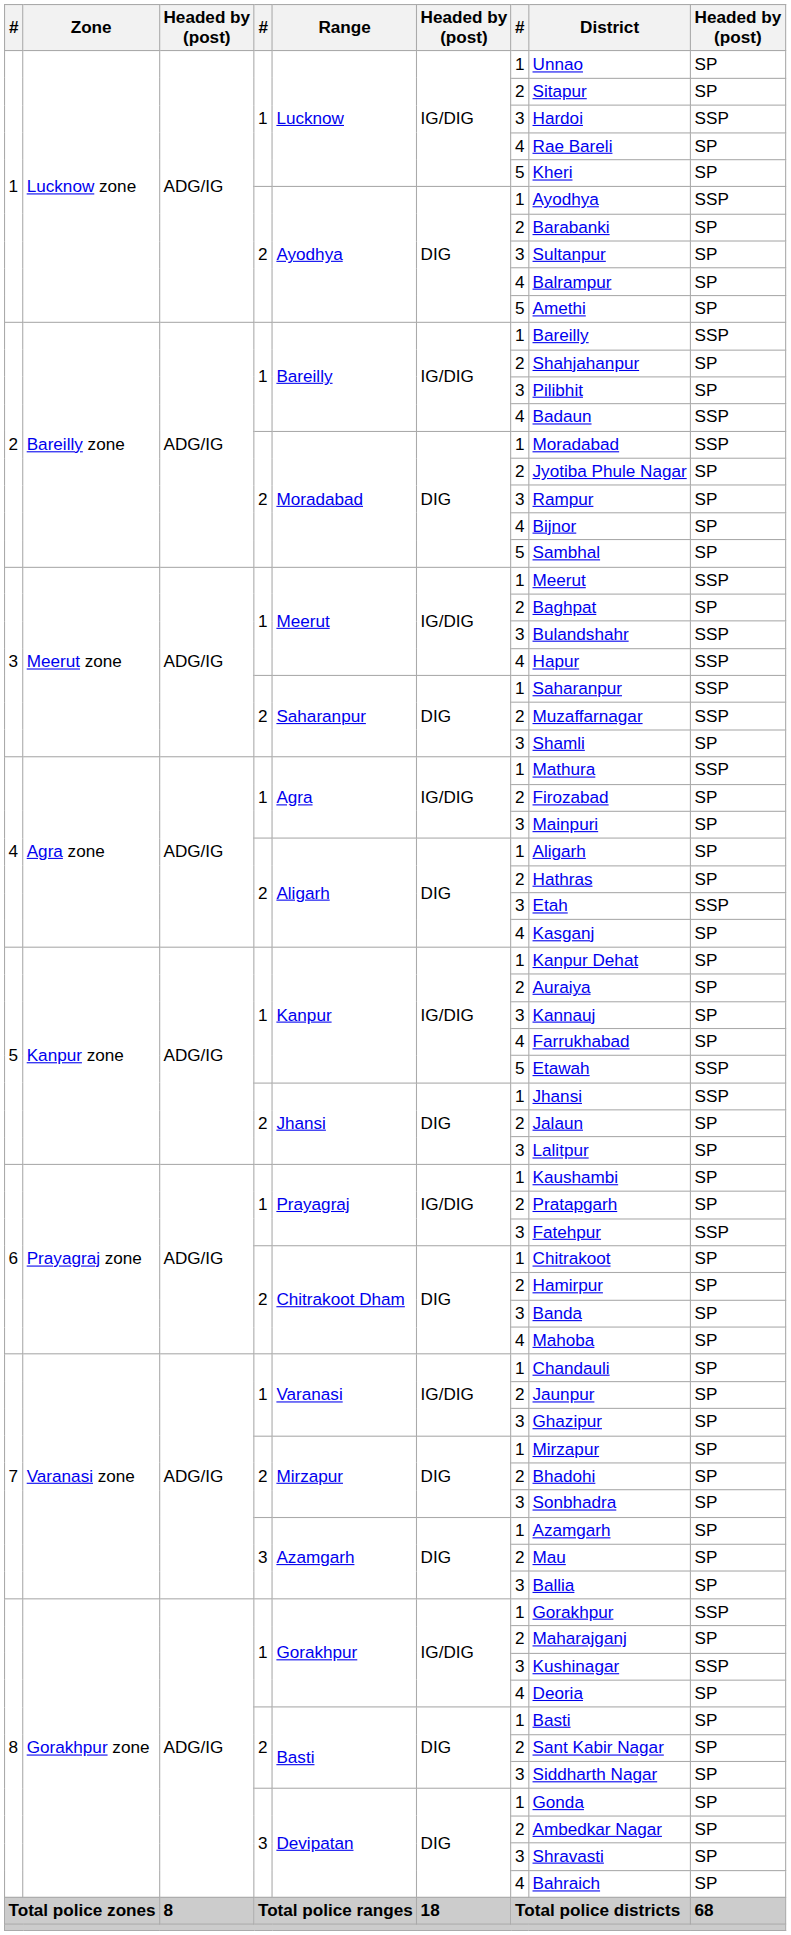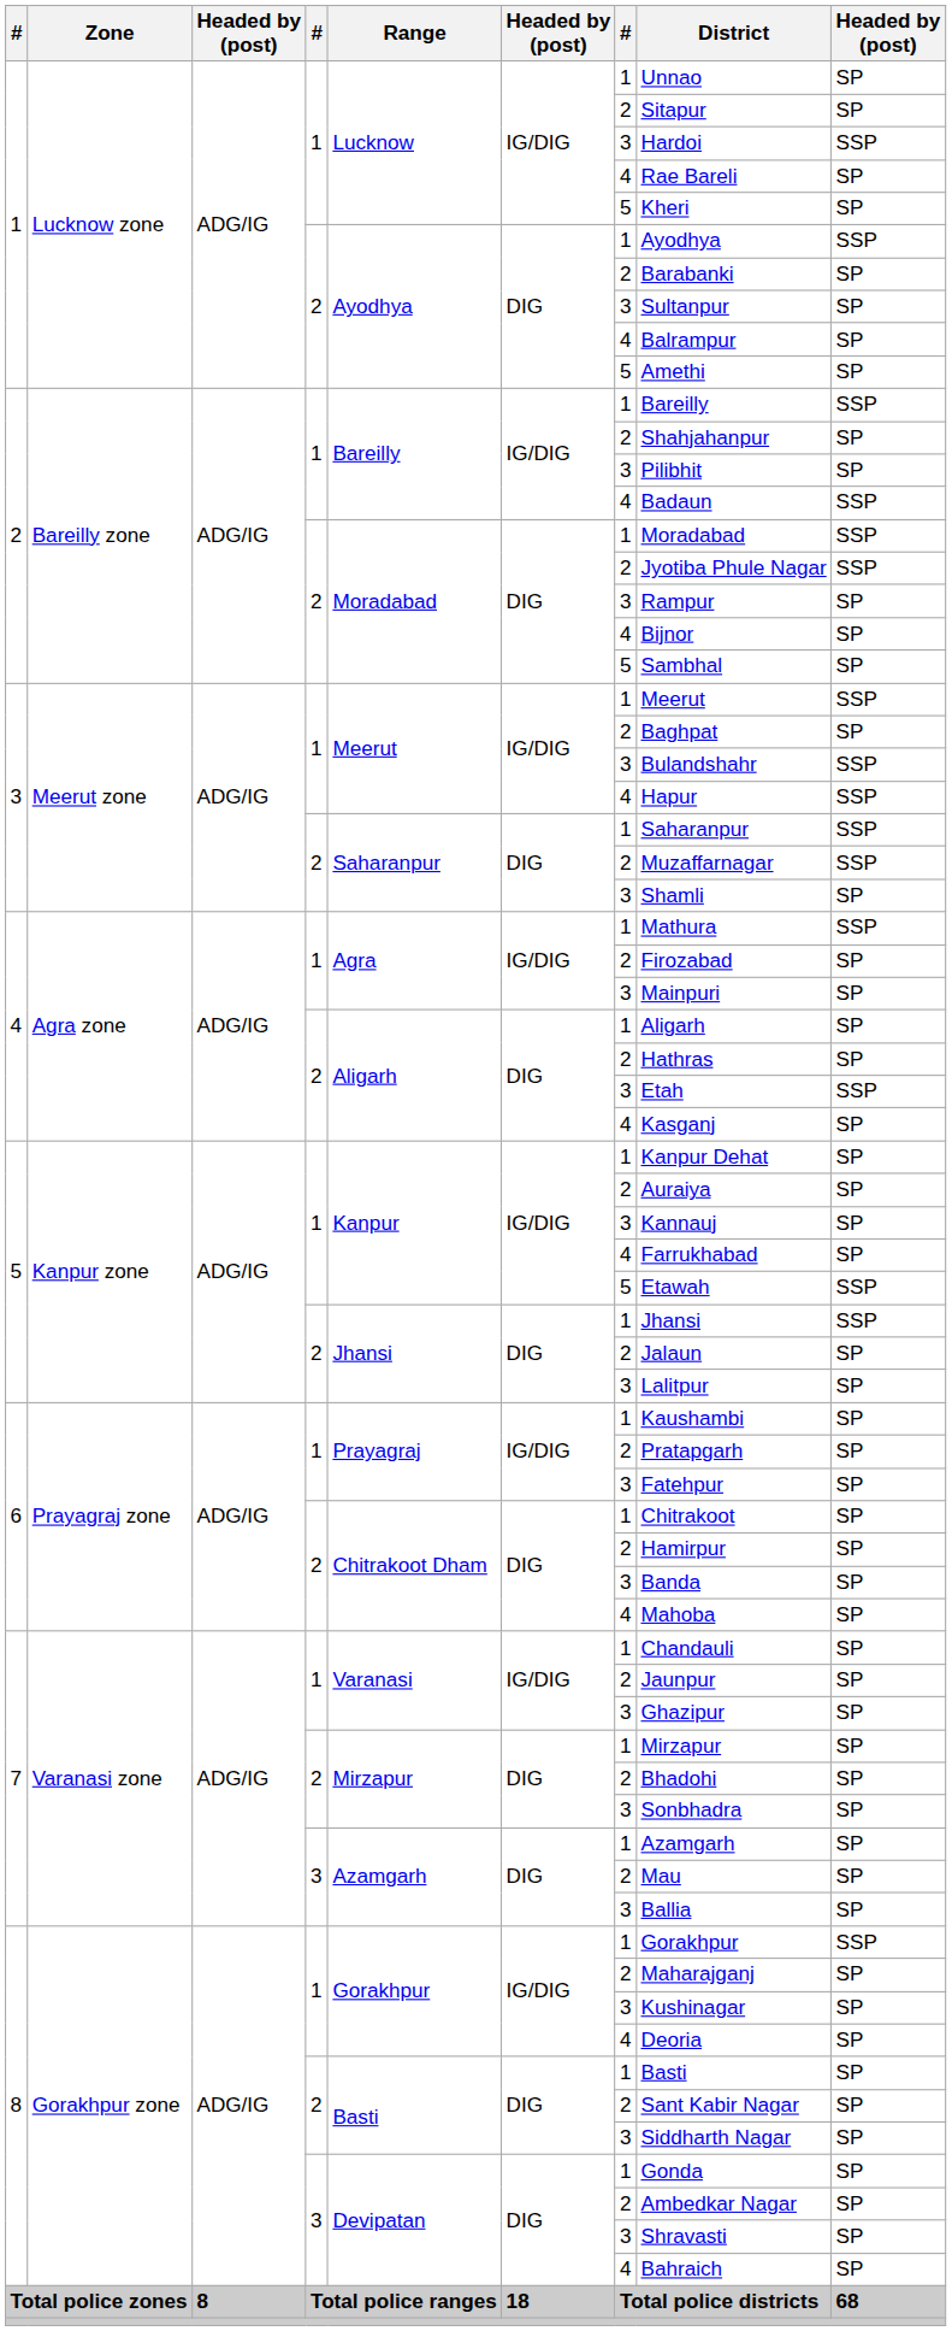 <table class="wikitable" align="center" style="clear:center">
 <tr>
 <th>#</th>
 <th>Zone</th>
 <th>Headed by<br>(post)</th>
 <th>#</th>
 <th>Range</th>
 <th>Headed by<br>(post)</th>
 <th>#</th>
 <th>District</th>
 <th>Headed by<br>(post)</th>
 </tr>
 <tr>
 <td rowspan="10" bgcolor="#ffffff">1</td>
 <td rowspan="10" bgcolor="#ffffff"><a href='#'>Lucknow</a> zone</td>
 <td rowspan="10" bgcolor="#ffffff">ADG/IG</td>
 <td rowspan="5" bgcolor="#ffffff">1</td>
 <td rowspan="5" bgcolor="#ffffff"><a href='#'>Lucknow</a></td>
 <td rowspan="5" bgcolor="#ffffff">IG/DIG</td>
 <td bgcolor="#ffffff">1</td>
 <td bgcolor="#ffffff"><a href='#'>Unnao</a></td>
 <td bgcolor="#ffffff">SP</td>
 </tr>
 <tr>
 <td bgcolor="#ffffff">2</td>
 <td bgcolor="#ffffff"><a href='#'>Sitapur</a></td>
 <td bgcolor="#ffffff">SP</td>
 </tr>
 <tr>
 <td bgcolor="#ffffff">3</td>
 <td bgcolor="#ffffff"><a href='#'>Hardoi</a></td>
 <td bgcolor="#ffffff">SSP</td>
 </tr>
 <tr>
 <td bgcolor="#ffffff">4</td>
 <td bgcolor="#ffffff"><a href='#'>Rae Bareli</a></td>
 <td bgcolor="#ffffff">SP</td>
 </tr>
 <tr>
 <td bgcolor="#ffffff">5</td>
 <td bgcolor="#ffffff"><a href='#'>Kheri</a></td>
 <td bgcolor="#ffffff">SP</td>
 </tr>
 <tr>
 <td rowspan="5" bgcolor="#ffffff">2</td>
 <td rowspan="5" bgcolor="#ffffff"><a href='#'>Ayodhya</a></td>
 <td rowspan="5" bgcolor="#ffffff">DIG</td>
 <td bgcolor="#ffffff">1</td>
 <td bgcolor="#ffffff"><a href='#'>Ayodhya</a></td>
 <td bgcolor="#ffffff">SSP</td>
 </tr>
 <tr>
 <td bgcolor="#ffffff">2</td>
 <td bgcolor="#ffffff"><a href='#'>Barabanki</a></td>
 <td bgcolor="#ffffff">SP</td>
 </tr>
 <tr>
 <td bgcolor="#ffffff">3</td>
 <td bgcolor="#ffffff"><a href='#'>Sultanpur</a></td>
 <td bgcolor="#ffffff">SP</td>
 </tr>
 <tr>
 <td bgcolor="#ffffff">4</td>
 <td bgcolor="#ffffff"><a href='#'>Balrampur</a></td>
 <td bgcolor="#ffffff">SP</td>
 </tr>
 <tr>
 <td bgcolor="#ffffff">5</td>
 <td bgcolor="#ffffff"><a href='#'>Amethi</a></td>
 <td bgcolor="#ffffff">SP</td>
 </tr>
 <tr>
 <td rowspan="9" bgcolor="#ffffff">2</td>
 <td rowspan="9" bgcolor="#ffffff"><a href='#'>Bareilly</a> zone</td>
 <td rowspan="9" bgcolor="#ffffff">ADG/IG</td>
 <td rowspan="4" bgcolor="#ffffff">1</td>
 <td rowspan="4" bgcolor="#ffffff"><a href='#'>Bareilly</a></td>
 <td rowspan="4" bgcolor="#ffffff">IG/DIG</td>
 <td bgcolor="#ffffff">1</td>
 <td bgcolor="#ffffff"><a href='#'>Bareilly</a></td>
 <td bgcolor="#ffffff">SSP</td>
 </tr>
 <tr>
 <td bgcolor="#ffffff">2</td>
 <td bgcolor="#ffffff"><a href='#'>Shahjahanpur</a></td>
 <td bgcolor="#ffffff">SP</td>
 </tr>
 <tr>
 <td bgcolor="#ffffff">3</td>
 <td bgcolor="#ffffff"><a href='#'>Pilibhit</a></td>
 <td bgcolor="#ffffff">SP</td>
 </tr>
 <tr>
 <td bgcolor="#ffffff">4</td>
 <td bgcolor="#ffffff"><a href='#'>Badaun</a></td>
 <td bgcolor="#ffffff">SSP</td>
 </tr>
 <tr>
 <td rowspan="5" bgcolor="#ffffff">2</td>
 <td rowspan="5" bgcolor="#ffffff"><a href='#'>Moradabad</a></td>
 <td rowspan="5" bgcolor="#ffffff">DIG</td>
 <td bgcolor="#ffffff">1</td>
 <td bgcolor="#ffffff"><a href='#'>Moradabad</a></td>
 <td bgcolor="#ffffff">SSP</td>
 </tr>
 <tr>
 <td bgcolor="#ffffff">2</td>
 <td bgcolor="#ffffff"><a href='#'>Jyotiba Phule Nagar</a></td>
-<td bgcolor="#ffffff">SP</td>
+<td bgcolor="#ffffff">SSP</td>
 </tr>
 <tr>
 <td bgcolor="#ffffff">3</td>
 <td bgcolor="#ffffff"><a href='#'>Rampur</a></td>
 <td bgcolor="#ffffff">SP</td>
 </tr>
 <tr>
 <td bgcolor="#ffffff">4</td>
 <td bgcolor="#ffffff"><a href='#'>Bijnor</a></td>
 <td bgcolor="#ffffff">SP</td>
 </tr>
 <tr>
 <td bgcolor="#ffffff">5</td>
 <td bgcolor="#ffffff"><a href='#'>Sambhal</a></td>
 <td bgcolor="#ffffff">SP</td>
 </tr>
 <tr>
 <td rowspan="7" bgcolor="#ffffff">3</td>
 <td rowspan="7" bgcolor="#ffffff"><a href='#'>Meerut</a> zone</td>
 <td rowspan="7" bgcolor="#ffffff">ADG/IG</td>
 <td rowspan="4" bgcolor="#ffffff">1</td>
 <td rowspan="4" bgcolor="#ffffff"><a href='#'>Meerut</a></td>
 <td rowspan="4" bgcolor="#ffffff">IG/DIG</td>
 <td bgcolor="#ffffff">1</td>
 <td bgcolor="#ffffff"><a href='#'>Meerut</a></td>
 <td bgcolor="#ffffff">SSP</td>
 </tr>
 <tr>
 <td bgcolor="#ffffff">2</td>
 <td bgcolor="#ffffff"><a href='#'>Baghpat</a></td>
 <td bgcolor="#ffffff">SP</td>
 </tr>
 <tr>
 <td bgcolor="#ffffff">3</td>
 <td bgcolor="#ffffff"><a href='#'>Bulandshahr</a></td>
 <td bgcolor="#ffffff">SSP</td>
 </tr>
 <tr>
 <td bgcolor="#ffffff">4</td>
 <td bgcolor="#ffffff"><a href='#'>Hapur</a></td>
 <td bgcolor="#ffffff">SSP</td>
 </tr>
 <tr>
 <td rowspan="3" bgcolor="#ffffff">2</td>
 <td rowspan="3" bgcolor="#ffffff"><a href='#'>Saharanpur</a></td>
 <td rowspan="3" bgcolor="#ffffff">DIG</td>
 <td bgcolor="#ffffff">1</td>
 <td bgcolor="#ffffff"><a href='#'>Saharanpur</a></td>
 <td bgcolor="#ffffff">SSP</td>
 </tr>
 <tr>
 <td bgcolor="#ffffff">2</td>
 <td bgcolor="#ffffff"><a href='#'>Muzaffarnagar</a></td>
 <td bgcolor="#ffffff">SSP</td>
 </tr>
 <tr>
 <td bgcolor="#ffffff">3</td>
 <td bgcolor="#ffffff"><a href='#'>Shamli</a></td>
 <td bgcolor="#ffffff">SP</td>
 </tr>
 <tr>
 <td rowspan="7" bgcolor="#ffffff">4</td>
 <td rowspan="7" bgcolor="#ffffff"><a href='#'>Agra</a> zone</td>
 <td rowspan="7" bgcolor="#ffffff">ADG/IG</td>
 <td rowspan="3" bgcolor="#ffffff">1</td>
 <td rowspan="3" bgcolor="#ffffff"><a href='#'>Agra</a></td>
 <td rowspan="3" bgcolor="#ffffff">IG/DIG</td>
 <td bgcolor="#ffffff">1</td>
 <td bgcolor="#ffffff"><a href='#'>Mathura</a></td>
 <td bgcolor="#ffffff">SSP</td>
 </tr>
 <tr>
 <td bgcolor="#ffffff">2</td>
 <td bgcolor="#ffffff"><a href='#'>Firozabad</a></td>
 <td bgcolor="#ffffff">SP</td>
 </tr>
 <tr>
 <td bgcolor="#ffffff">3</td>
 <td bgcolor="#ffffff"><a href='#'>Mainpuri</a></td>
 <td bgcolor="#ffffff">SP</td>
 </tr>
 <tr>
 <td rowspan="4" bgcolor="#ffffff">2</td>
 <td rowspan="4" bgcolor="#ffffff"><a href='#'>Aligarh</a></td>
 <td rowspan="4" bgcolor="#ffffff">DIG</td>
 <td bgcolor="#ffffff">1</td>
 <td bgcolor="#ffffff"><a href='#'>Aligarh</a></td>
 <td bgcolor="#ffffff">SP</td>
 </tr>
 <tr>
 <td bgcolor="#ffffff">2</td>
 <td bgcolor="#ffffff"><a href='#'>Hathras</a></td>
 <td bgcolor="#ffffff">SP</td>
 </tr>
 <tr>
 <td bgcolor="#ffffff">3</td>
 <td bgcolor="#ffffff"><a href='#'>Etah</a></td>
 <td bgcolor="#ffffff">SSP</td>
 </tr>
 <tr>
 <td bgcolor="#ffffff">4</td>
 <td bgcolor="#ffffff"><a href='#'>Kasganj</a></td>
 <td bgcolor="#ffffff">SP</td>
 </tr>
 <tr>
 <td rowspan="8" bgcolor="#ffffff">5</td>
 <td rowspan="8" bgcolor="#ffffff"><a href='#'>Kanpur</a> zone</td>
 <td rowspan="8" bgcolor="#ffffff">ADG/IG</td>
 <td rowspan="5" bgcolor="#ffffff">1</td>
 <td rowspan="5" bgcolor="#ffffff"><a href='#'>Kanpur</a></td>
 <td rowspan="5" bgcolor="#ffffff">IG/DIG</td>
 <td bgcolor="#ffffff">1</td>
 <td bgcolor="#ffffff"><a href='#'>Kanpur Dehat</a></td>
 <td bgcolor="#ffffff">SP</td>
 </tr>
 <tr>
 <td bgcolor="#ffffff">2</td>
 <td bgcolor="#ffffff"><a href='#'>Auraiya</a></td>
 <td bgcolor="#ffffff">SP</td>
 </tr>
 <tr>
 <td bgcolor="#ffffff">3</td>
 <td bgcolor="#ffffff"><a href='#'>Kannauj</a></td>
 <td bgcolor="#ffffff">SP</td>
 </tr>
 <tr>
 <td bgcolor="#ffffff">4</td>
 <td bgcolor="#ffffff"><a href='#'>Farrukhabad</a></td>
 <td bgcolor="#ffffff">SP</td>
 </tr>
 <tr>
 <td bgcolor="#ffffff">5</td>
 <td bgcolor="#ffffff"><a href='#'>Etawah</a></td>
 <td bgcolor="#ffffff">SSP</td>
 </tr>
 <tr>
 <td rowspan="3" bgcolor="#ffffff">2</td>
 <td rowspan="3" bgcolor="#ffffff"><a href='#'>Jhansi</a></td>
 <td rowspan="3" bgcolor="#ffffff">DIG</td>
 <td bgcolor="#ffffff">1</td>
 <td bgcolor="#ffffff"><a href='#'>Jhansi</a></td>
 <td bgcolor="#ffffff">SSP</td>
 </tr>
 <tr>
 <td bgcolor="#ffffff">2</td>
 <td bgcolor="#ffffff"><a href='#'>Jalaun</a></td>
 <td bgcolor="#ffffff">SP</td>
 </tr>
 <tr>
 <td bgcolor="#ffffff">3</td>
 <td bgcolor="#ffffff"><a href='#'>Lalitpur</a></td>
 <td bgcolor="#ffffff">SP</td>
 </tr>
 <tr>
 <td rowspan="7" bgcolor="#ffffff">6</td>
 <td rowspan="7" bgcolor="#ffffff"><a href='#'>Prayagraj</a> zone</td>
 <td rowspan="7" bgcolor="#ffffff">ADG/IG</td>
 <td rowspan="3" bgcolor="#ffffff">1</td>
 <td rowspan="3" bgcolor="#ffffff"><a href='#'>Prayagraj</a></td>
 <td rowspan="3" bgcolor="#ffffff">IG/DIG</td>
 <td bgcolor="#ffffff">1</td>
 <td bgcolor="#ffffff"><a href='#'>Kaushambi</a></td>
 <td bgcolor="#ffffff">SP</td>
 </tr>
 <tr>
 <td bgcolor="#ffffff">2</td>
 <td bgcolor="#ffffff"><a href='#'>Pratapgarh</a></td>
 <td bgcolor="#ffffff">SP</td>
 </tr>
 <tr>
 <td bgcolor="#ffffff">3</td>
 <td bgcolor="#ffffff"><a href='#'>Fatehpur</a></td>
-<td bgcolor="#ffffff">SSP</td>
+<td bgcolor="#ffffff">SP</td>
 </tr>
 <tr>
 <td rowspan="4" bgcolor="#ffffff">2</td>
 <td rowspan="4" bgcolor="#ffffff"><a href='#'>Chitrakoot Dham</a></td>
 <td rowspan="4" bgcolor="#ffffff">DIG</td>
 <td bgcolor="#ffffff">1</td>
 <td bgcolor="#ffffff"><a href='#'>Chitrakoot</a></td>
 <td bgcolor="#ffffff">SP</td>
 </tr>
 <tr>
 <td bgcolor="#ffffff">2</td>
 <td bgcolor="#ffffff"><a href='#'>Hamirpur</a></td>
 <td bgcolor="#ffffff">SP</td>
 </tr>
 <tr>
 <td bgcolor="#ffffff">3</td>
 <td bgcolor="#ffffff"><a href='#'>Banda</a></td>
 <td bgcolor="#ffffff">SP</td>
 </tr>
 <tr>
 <td bgcolor="#ffffff">4</td>
 <td bgcolor="#ffffff"><a href='#'>Mahoba</a></td>
 <td bgcolor="#ffffff">SP</td>
 </tr>
 <tr>
 <td rowspan="9" bgcolor="#ffffff">7</td>
 <td rowspan="9" bgcolor="#ffffff"><a href='#'>Varanasi</a> zone</td>
 <td rowspan="9" bgcolor="#ffffff">ADG/IG</td>
 <td rowspan="3" bgcolor="#ffffff">1</td>
 <td rowspan="3" bgcolor="#ffffff"><a href='#'>Varanasi</a></td>
 <td rowspan="3" bgcolor="#ffffff">IG/DIG</td>
 <td bgcolor="#ffffff">1</td>
 <td bgcolor="#ffffff"><a href='#'>Chandauli</a></td>
 <td bgcolor="#ffffff">SP</td>
 </tr>
 <tr>
 <td bgcolor="#ffffff">2</td>
 <td bgcolor="#ffffff"><a href='#'>Jaunpur</a></td>
 <td bgcolor="#ffffff">SP</td>
 </tr>
 <tr>
 <td bgcolor="#ffffff">3</td>
 <td bgcolor="#ffffff"><a href='#'>Ghazipur</a></td>
 <td bgcolor="#ffffff">SP</td>
 </tr>
 <tr>
 <td rowspan="3" bgcolor="#ffffff">2</td>
 <td rowspan="3" bgcolor="#ffffff"><a href='#'>Mirzapur</a></td>
 <td rowspan="3" bgcolor="#ffffff">DIG</td>
 <td bgcolor="#ffffff">1</td>
 <td bgcolor="#ffffff"><a href='#'>Mirzapur</a></td>
 <td bgcolor="#ffffff">SP</td>
 </tr>
 <tr>
 <td bgcolor="#ffffff">2</td>
 <td bgcolor="#ffffff"><a href='#'>Bhadohi</a></td>
 <td bgcolor="#ffffff">SP</td>
 </tr>
 <tr>
 <td bgcolor="#ffffff">3</td>
 <td bgcolor="#ffffff"><a href='#'>Sonbhadra</a></td>
 <td bgcolor="#ffffff">SP</td>
 </tr>
 <tr>
 <td rowspan="3" bgcolor="#ffffff">3</td>
 <td rowspan="3" bgcolor="#ffffff"><a href='#'>Azamgarh</a></td>
 <td rowspan="3" bgcolor="#ffffff">DIG</td>
 <td bgcolor="#ffffff">1</td>
 <td bgcolor="#ffffff"><a href='#'>Azamgarh</a></td>
 <td bgcolor="#ffffff">SP</td>
 </tr>
 <tr>
 <td bgcolor="#ffffff">2</td>
 <td bgcolor="#ffffff"><a href='#'>Mau</a></td>
 <td bgcolor="#ffffff">SP</td>
 </tr>
 <tr>
 <td bgcolor="#ffffff">3</td>
 <td bgcolor="#ffffff"><a href='#'>Ballia</a></td>
 <td bgcolor="#ffffff">SP</td>
 </tr>
 <tr>
 <td rowspan="11" bgcolor="#ffffff">8</td>
 <td rowspan="11" bgcolor="#ffffff"><a href='#'>Gorakhpur</a> zone</td>
 <td rowspan="11" bgcolor="#ffffff">ADG/IG</td>
 <td rowspan="4" bgcolor="#ffffff">1</td>
 <td rowspan="4" bgcolor="#ffffff"><a href='#'>Gorakhpur</a></td>
 <td rowspan="4" bgcolor="#ffffff">IG/DIG</td>
 <td bgcolor="#ffffff">1</td>
 <td bgcolor="#ffffff"><a href='#'>Gorakhpur</a></td>
 <td bgcolor="#ffffff">SSP</td>
 </tr>
 <tr>
 <td bgcolor="#ffffff">2</td>
 <td bgcolor="#ffffff"><a href='#'>Maharajganj</a></td>
 <td bgcolor="#ffffff">SP</td>
 </tr>
 <tr>
 <td bgcolor="#ffffff">3</td>
 <td bgcolor="#ffffff"><a href='#'>Kushinagar</a></td>
-<td bgcolor="#ffffff">SSP</td>
+<td bgcolor="#ffffff">SP</td>
 </tr>
 <tr>
 <td bgcolor="#ffffff">4</td>
 <td bgcolor="#ffffff"><a href='#'>Deoria</a></td>
 <td bgcolor="#ffffff">SP</td>
 </tr>
 <tr>
 <td rowspan="3" bgcolor="#ffffff">2</td>
 <td rowspan="3" bgcolor="#ffffff"><br><a href='#'>Basti</a></td>
 <td rowspan="3" bgcolor="#ffffff">DIG</td>
 <td bgcolor="#ffffff">1</td>
 <td bgcolor="#ffffff"><a href='#'>Basti</a></td>
 <td bgcolor="#ffffff">SP</td>
 </tr>
 <tr>
 <td bgcolor="#ffffff">2</td>
 <td bgcolor="#ffffff"><a href='#'>Sant Kabir Nagar</a></td>
 <td bgcolor="#ffffff">SP</td>
 </tr>
 <tr>
 <td bgcolor="#ffffff">3</td>
 <td bgcolor="#ffffff"><a href='#'>Siddharth Nagar</a></td>
 <td bgcolor="#ffffff">SP</td>
 </tr>
 <tr>
 <td rowspan="4" bgcolor="#ffffff">3</td>
 <td rowspan="4" bgcolor="#ffffff"><a href='#'>Devipatan</a></td>
 <td rowspan="4" bgcolor="#ffffff">DIG</td>
 <td bgcolor="#ffffff">1</td>
 <td bgcolor="#ffffff"><a href='#'>Gonda</a></td>
 <td bgcolor="#ffffff">SP</td>
 </tr>
 <tr>
 <td bgcolor="#ffffff">2</td>
 <td bgcolor="#ffffff"><a href='#'>Ambedkar Nagar</a></td>
 <td bgcolor="#ffffff">SP</td>
 </tr>
 <tr>
 <td bgcolor="#ffffff">3</td>
 <td bgcolor="#ffffff"><a href='#'>Shravasti</a></td>
 <td bgcolor="#ffffff">SP</td>
 </tr>
 <tr>
 <td bgcolor="#ffffff">4</td>
 <td bgcolor="#ffffff"><a href='#'>Bahraich</a></td>
 <td bgcolor="#ffffff">SP</td>
 </tr>
 <tr>
 <td colspan="2" bgcolor="#CCCCCC"><strong>Total police zones</strong></td>
 <td colspan="1" bgcolor="#CCCCCC"><strong>8</strong></td>
 <td colspan="2" bgcolor="#CCCCCC"><strong>Total police ranges</strong></td>
 <td colspan="1" bgcolor="#CCCCCC"><strong>18</strong></td>
 <td colspan="2" bgcolor="#CCCCCC"><strong>Total police districts</strong></td>
 <td colspan="1" bgcolor="#CCCCCC"><strong>68</strong></td>
 </tr>
 <tr>
 <td colspan="9" bgcolor="#CCCCCC" style="font-size:.7em"></td>
 </tr>
 </table>
